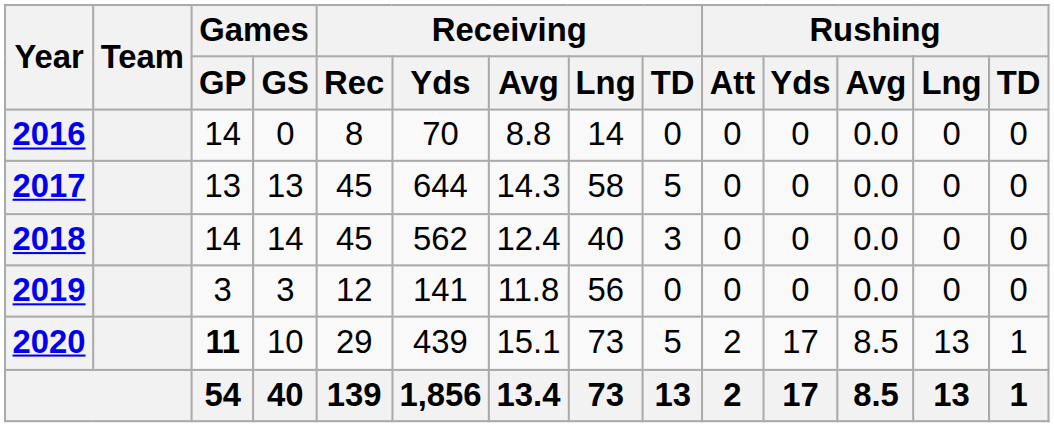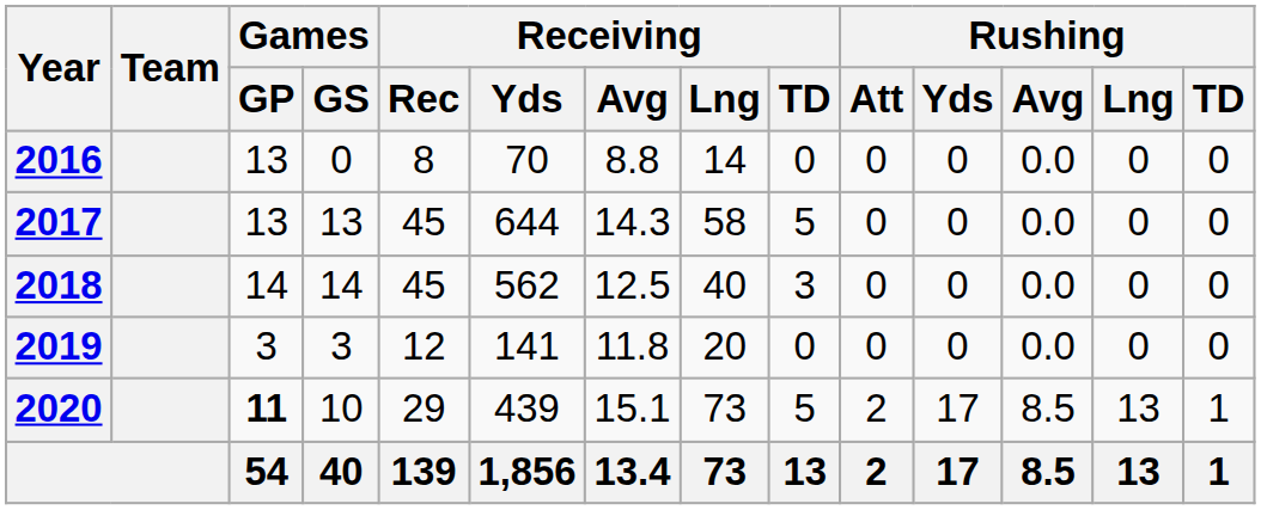 <table class="wikitable" style="text-align:center;">
 <tr>
 <th rowspan="2">Year</th>
 <th rowspan="2">Team</th>
 <th colspan="2">Games</th>
 <th colspan="5">Receiving</th>
 <th colspan="5">Rushing</th>
 </tr>
 <tr>
 <th>GP</th>
 <th>GS</th>
 <th>Rec</th>
 <th>Yds</th>
 <th>Avg</th>
 <th>Lng</th>
 <th>TD</th>
 <th>Att</th>
 <th>Yds</th>
 <th>Avg</th>
 <th>Lng</th>
 <th>TD</th>
 </tr>
 <tr>
 <th><a href='#'>2016</a></th>
 <th><a href='#'></a></th>
-<td>14</td>
+<td>13</td>
 <td>0</td>
 <td>8</td>
 <td>70</td>
 <td>8.8</td>
 <td>14</td>
 <td>0</td>
 <td>0</td>
 <td>0</td>
 <td>0.0</td>
 <td>0</td>
 <td>0</td>
 </tr>
 <tr>
 <th><a href='#'>2017</a></th>
 <th><a href='#'></a></th>
 <td>13</td>
 <td>13</td>
 <td>45</td>
 <td>644</td>
 <td>14.3</td>
 <td>58</td>
 <td>5</td>
 <td>0</td>
 <td>0</td>
 <td>0.0</td>
 <td>0</td>
 <td>0</td>
 </tr>
 <tr>
 <th><a href='#'>2018</a></th>
 <th><a href='#'></a></th>
 <td>14</td>
 <td>14</td>
 <td>45</td>
 <td>562</td>
-<td>12.4</td>
+<td>12.5</td>
 <td>40</td>
 <td>3</td>
 <td>0</td>
 <td>0</td>
 <td>0.0</td>
 <td>0</td>
 <td>0</td>
 </tr>
 <tr>
 <th><a href='#'>2019</a></th>
 <th><a href='#'></a></th>
 <td>3</td>
 <td>3</td>
 <td>12</td>
 <td>141</td>
 <td>11.8</td>
-<td>56</td>
+<td>20</td>
 <td>0</td>
 <td>0</td>
 <td>0</td>
 <td>0.0</td>
 <td>0</td>
 <td>0</td>
 </tr>
 <tr>
 <th><a href='#'>2020</a></th>
 <th><a href='#'></a></th>
 <td><strong>11</strong></td>
 <td>10</td>
 <td>29</td>
 <td>439</td>
 <td>15.1</td>
 <td>73</td>
 <td>5</td>
 <td>2</td>
 <td>17</td>
 <td>8.5</td>
 <td>13</td>
 <td>1</td>
 </tr>
 <tr>
 <th align=center colspan="2"></th>
 <th>54</th>
 <th>40</th>
 <th>139</th>
 <th>1,856</th>
 <th>13.4</th>
 <th>73</th>
 <th>13</th>
 <th>2</th>
 <th>17</th>
 <th>8.5</th>
 <th>13</th>
 <th>1</th>
 </tr>
 </table>
